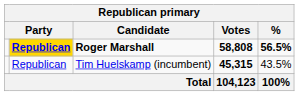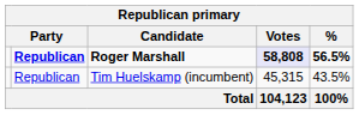 <table class=wikitable>
 <tr>
 <th colspan = 6>Republican primary</th>
 </tr>
 <tr>
 <th colspan=2>Party</th>
 <th>Candidate</th>
 <th>Votes</th>
 <th>%</th>
 </tr>
 <tr>
 <td></td>
-<td style="background: gold;"><strong><a href='#'>Republican</a></strong></td>
+<td><strong><a href='#'>Republican</a></strong></td>
 <td><strong>Roger Marshall</strong></td>
-<td align=center><strong>58,808</strong></td>
+<td align=center style="background: lavender;"><strong>58,808</strong></td>
 <td align=center><strong>56.5%</strong></td>
 </tr>
 <tr>
 <td></td>
 <td><a href='#'>Republican</a></td>
 <td><a href='#'>Tim Huelskamp</a> (incumbent)</td>
-<td align=center><strong>45,315</strong></td>
+<td align=center>45,315</td>
 <td align=center>43.5%</td>
 </tr>
 <tr>
 <th colspan=3; style="text-align:right;">Total</th>
 <th align=center>104,123</th>
 <th align=center>100%</th>
 </tr>
 </table>
